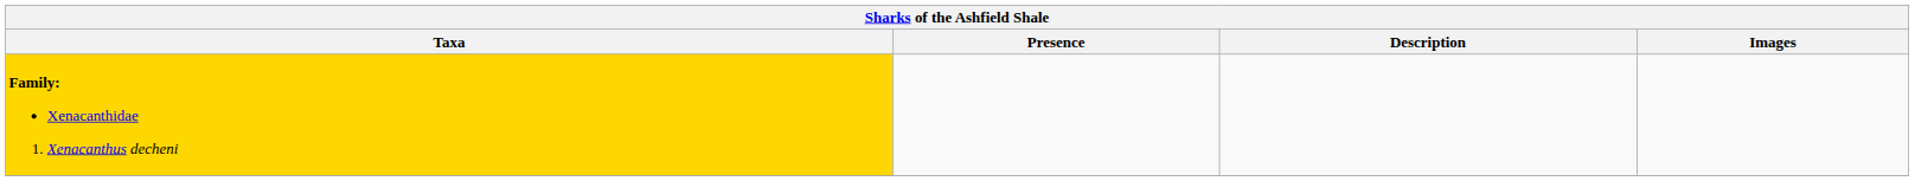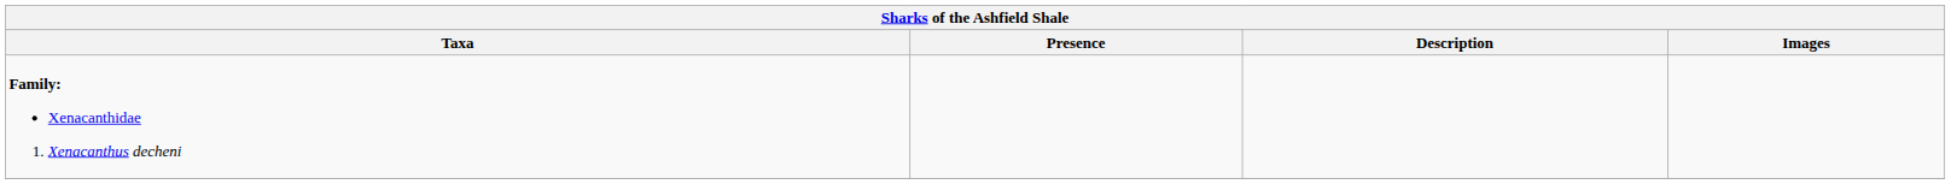 <table class="wikitable" align="center" width="100%">
 <tr>
 <th colspan="5" align="center"><strong><a href='#'>Sharks</a> of the Ashfield Shale</strong></th>
 </tr>
 <tr>
 <th>Taxa</th>
 <th>Presence</th>
 <th>Description</th>
 <th>Images</th>
 </tr>
 <tr>
-<td style="background: gold;"><br><strong>Family:</strong><ul><li><a href='#'>Xenacanthidae</a></li></ul><ol><li><em><a href='#'>Xenacanthus</a> decheni</em></li></ol></td>
+<td><br><strong>Family:</strong><ul><li><a href='#'>Xenacanthidae</a></li></ul><ol><li><em><a href='#'>Xenacanthus</a> decheni</em></li></ol></td>
 <td></td>
 <td></td>
 <td><br></td>
 </tr>
 <tr>
 </tr>
 </table>
